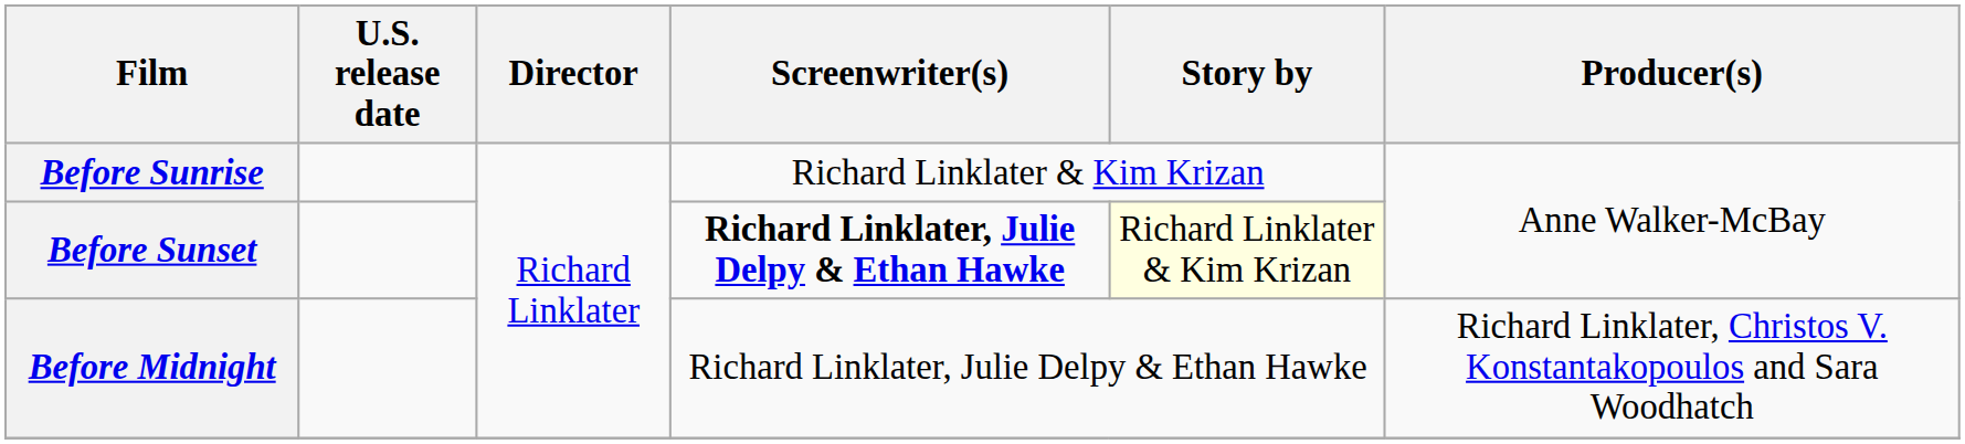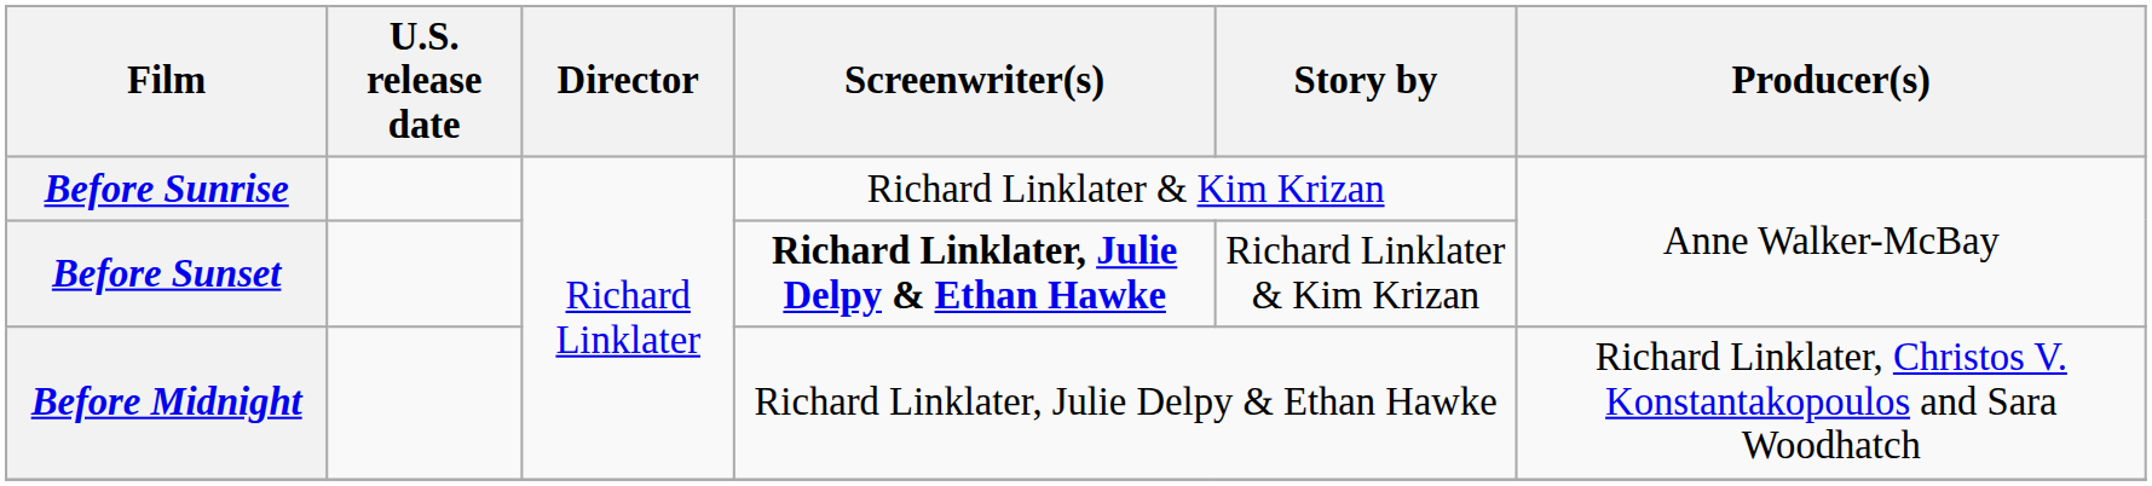 <table class="wikitable plainrowheaders"  style="text-align:center;">
 <tr>
 <th scope="col" style="width:15%;">Film</th>
 <th scope="col">U.S. release date</th>
 <th scope="col">Director</th>
 <th scope="col">Screenwriter(s)</th>
 <th scope="col">Story by</th>
 <th scope="col">Producer(s)</th>
 </tr>
 <tr>
 <th scope="row"><em><a href='#'>Before Sunrise</a></em></th>
 <td></td>
 <td rowspan="3"><a href='#'>Richard Linklater</a></td>
 <td colspan="2">Richard Linklater & <a href='#'>Kim Krizan</a></td>
 <td rowspan="2">Anne Walker-McBay</td>
 </tr>
 <tr>
 <th scope="row"><em><a href='#'>Before Sunset</a></em></th>
 <td></td>
 <td><strong>Richard Linklater, <a href='#'>Julie Delpy</a> & <a href='#'>Ethan Hawke</a></strong></td>
-<td style="background: lightyellow;">Richard Linklater & Kim Krizan</td>
+<td>Richard Linklater & Kim Krizan</td>
 </tr>
 <tr>
 <th scope="row"><em><a href='#'>Before Midnight</a></em></th>
 <td></td>
 <td colspan="2">Richard Linklater, Julie Delpy & Ethan Hawke</td>
 <td>Richard Linklater, <a href='#'>Christos V. Konstantakopoulos</a> and Sara Woodhatch</td>
 </tr>
 <tr>
 </tr>
 </table>
